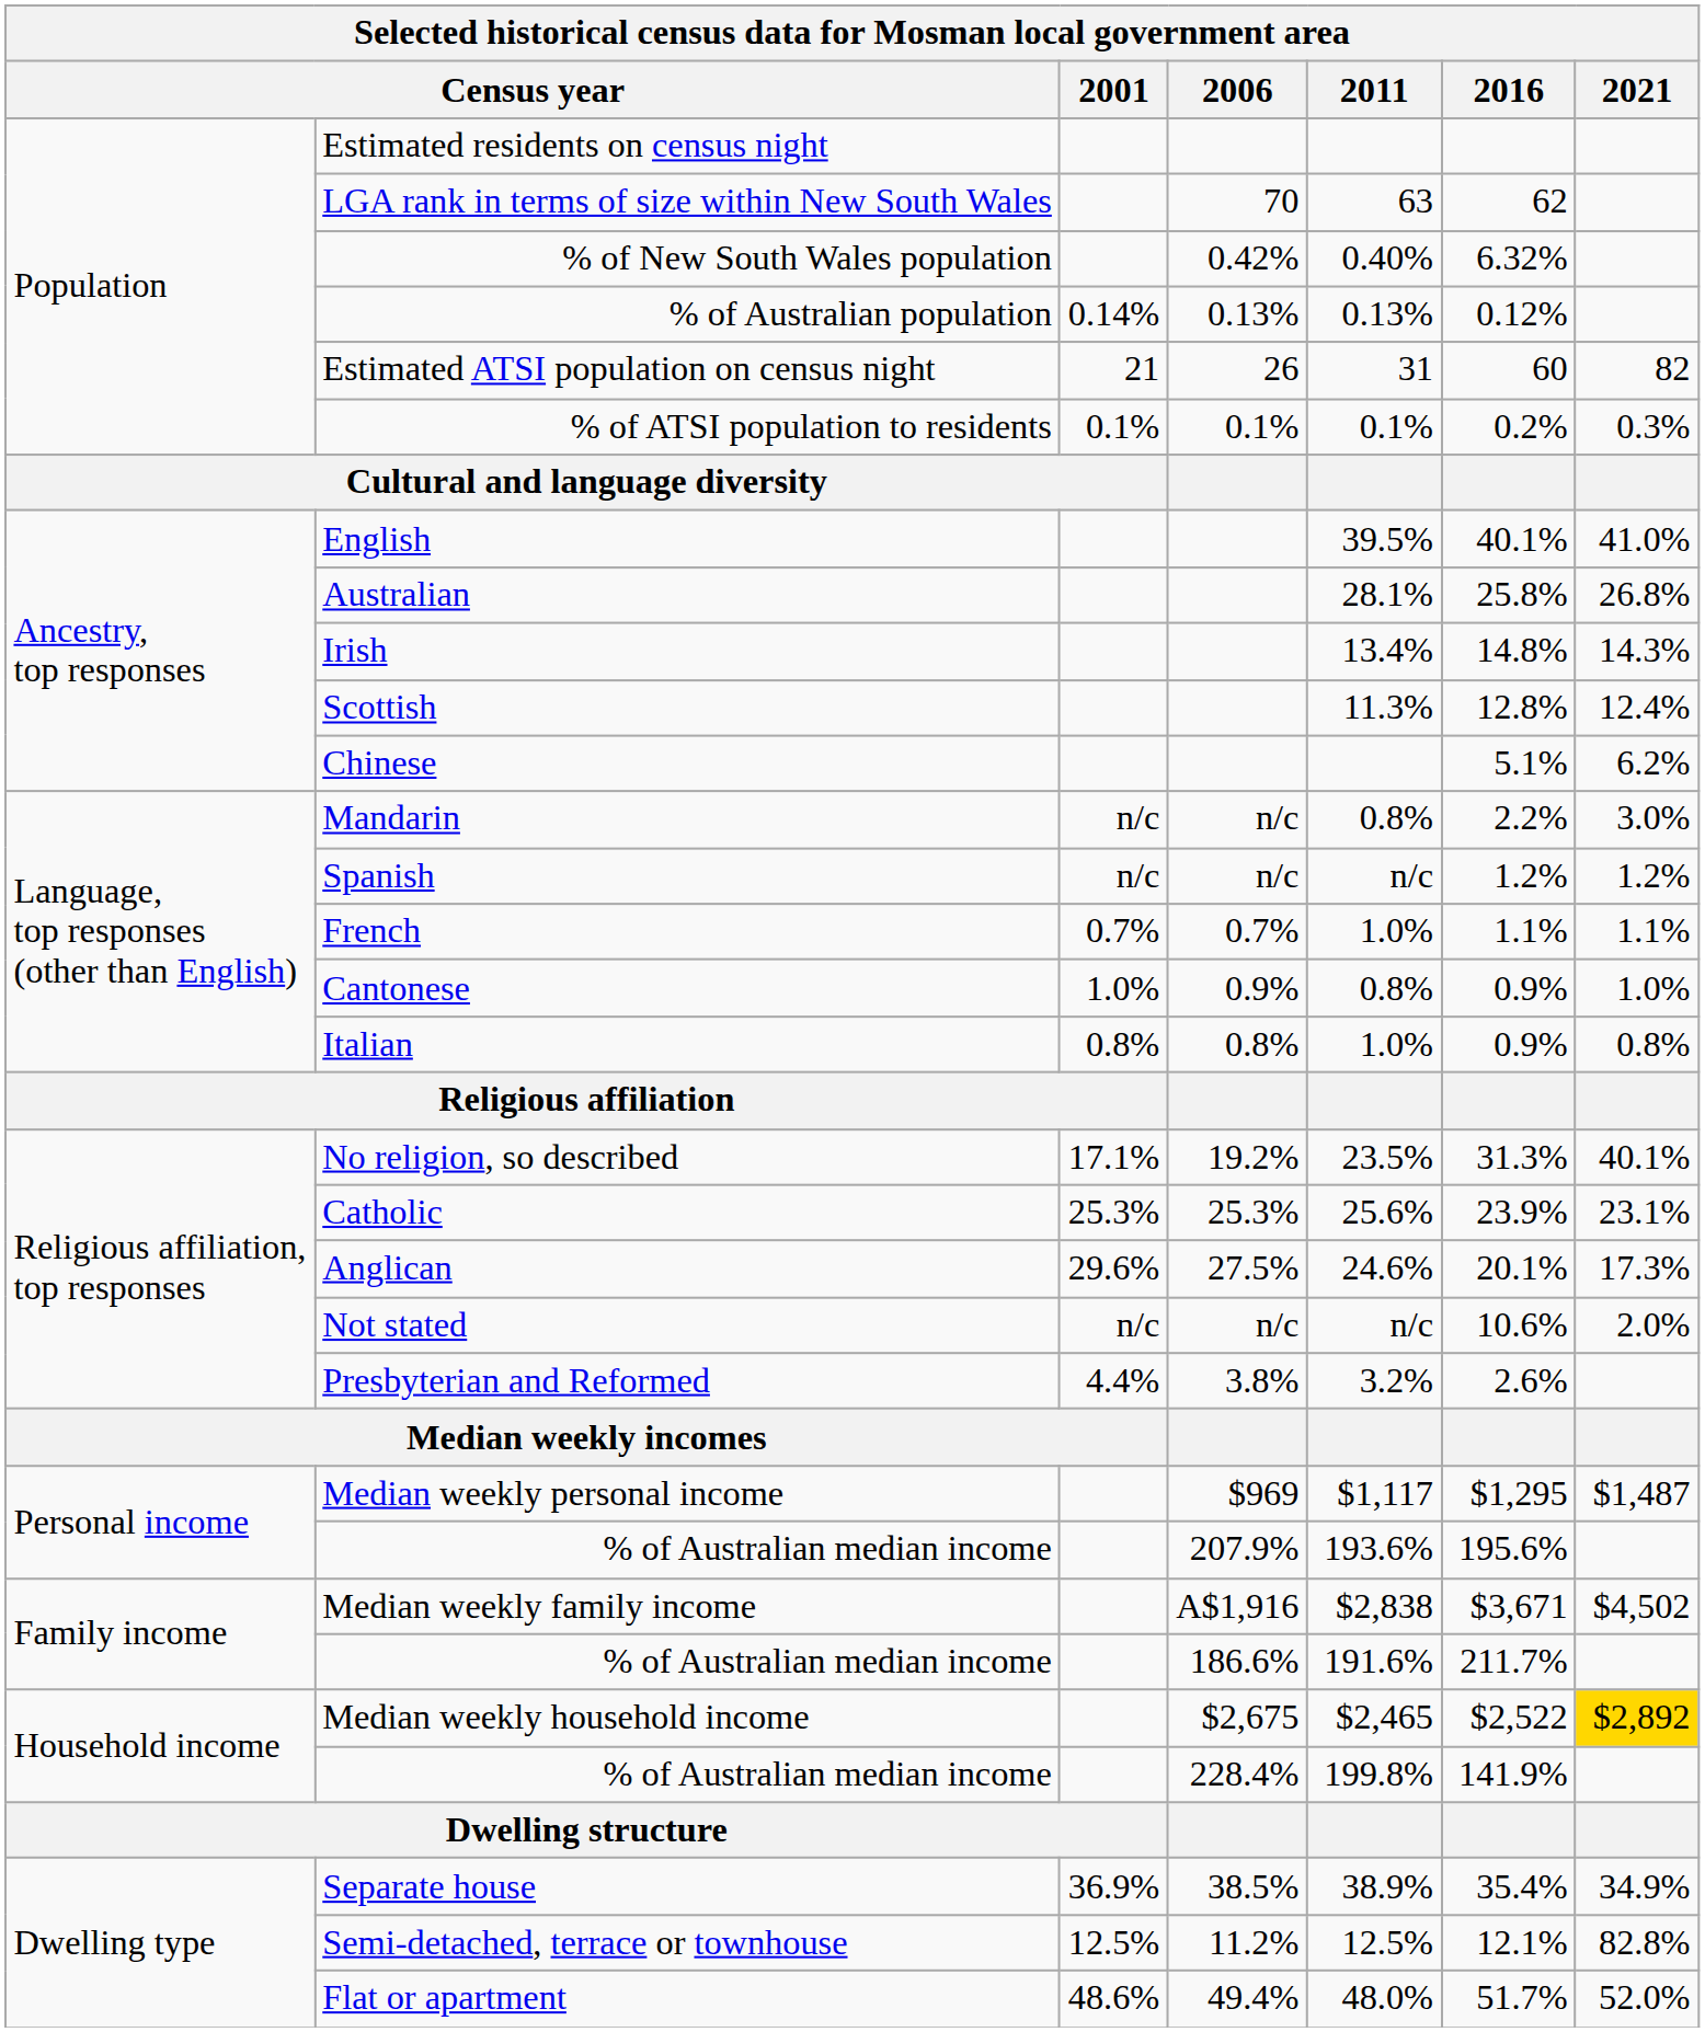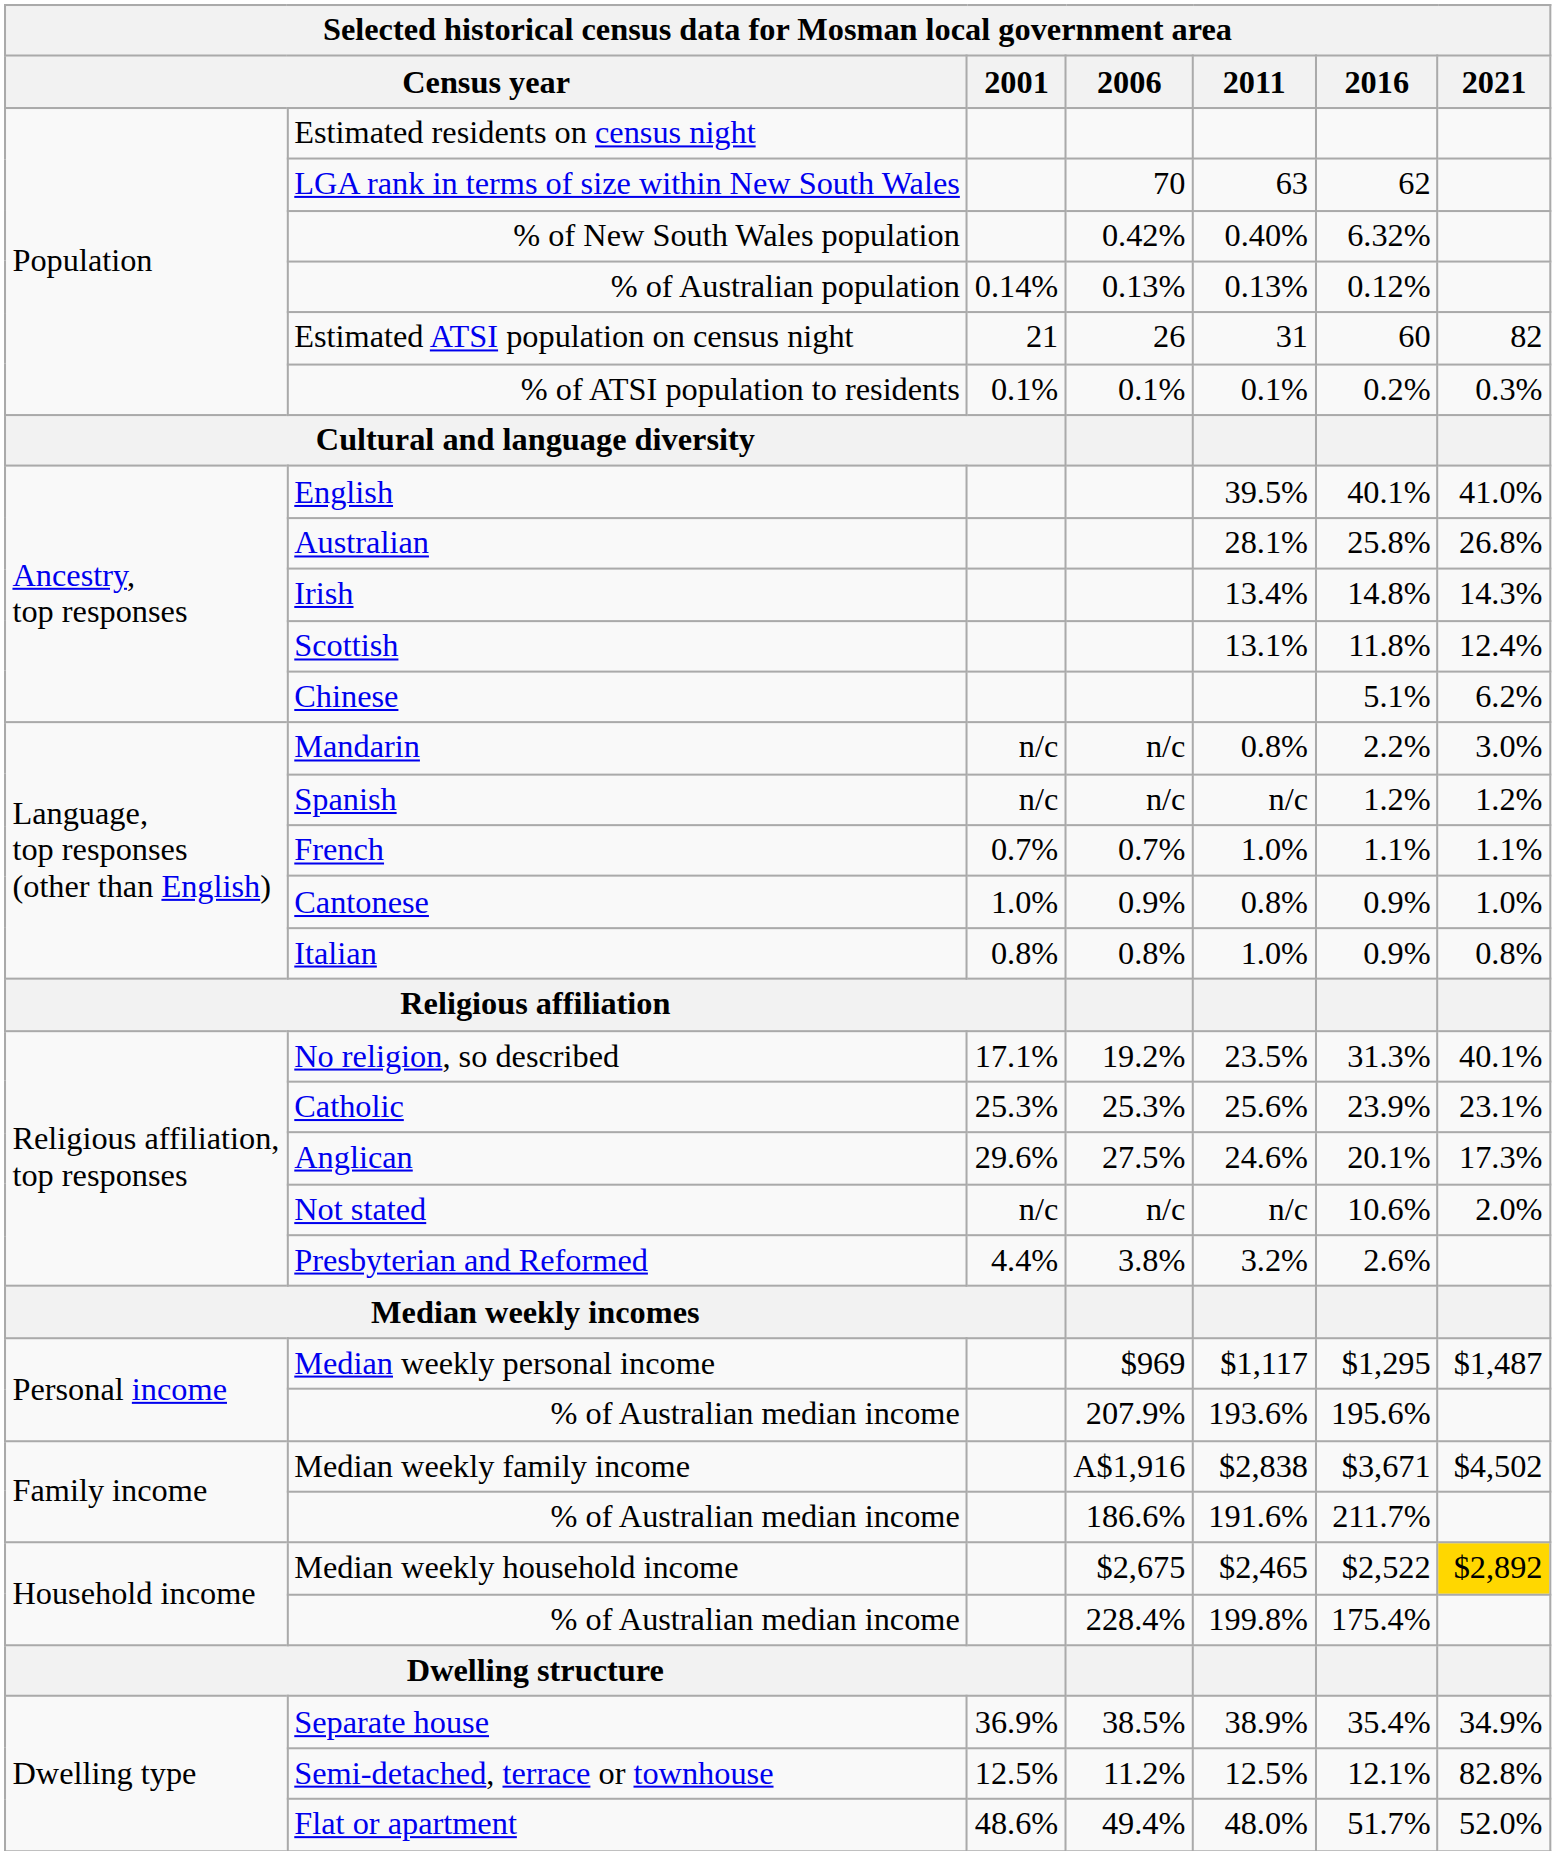 <table class="wikitable">
 <tr>
 <th colspan=8>Selected historical census data for Mosman local government area</th>
 </tr>
 <tr>
 <th colspan=3>Census year</th>
 <th>2001</th>
 <th>2006</th>
 <th>2011</th>
 <th>2016</th>
 <th>2021</th>
 </tr>
 <tr>
 <td rowspan=6 colspan="2">Population</td>
 <td>Estimated residents on <a href='#'>census night</a></td>
 <td align="right"></td>
 <td align="right"> </td>
 <td align="right"> </td>
 <td align="right"> </td>
 <td align="right"> </td>
 </tr>
 <tr>
 <td align="right"><a href='#'>LGA rank in terms of size within New South Wales</a></td>
 <td align="right"></td>
 <td align="right">70</td>
 <td align="right"> 63</td>
 <td align="right"> 62</td>
 <td align="right"></td>
 </tr>
 <tr>
 <td align="right">% of New South Wales population</td>
 <td align="right"></td>
 <td align="right">0.42%</td>
 <td align="right"> 0.40%</td>
 <td align="right"> 6.32%</td>
 <td align="right"></td>
 </tr>
 <tr>
 <td align="right">% of Australian population</td>
 <td align="right">0.14%</td>
 <td align="right"> 0.13%</td>
 <td align="right"> 0.13%</td>
 <td align="right"> 0.12%</td>
 <td align="right"></td>
 </tr>
 <tr>
 <td>Estimated <a href='#'>ATSI</a> population on census night</td>
 <td align="right">21</td>
 <td align="right"> 26</td>
 <td align="right"> 31</td>
 <td align="right"> 60</td>
 <td align="right"> 82</td>
 </tr>
 <tr>
 <td align="right">% of ATSI population to residents</td>
 <td align="right">0.1%</td>
 <td align="right"> 0.1%</td>
 <td align="right"> 0.1%</td>
 <td align="right"> 0.2%</td>
 <td align="right"> 0.3%</td>
 </tr>
 <tr>
 <th colspan=4>Cultural and language diversity</th>
 <th></th>
 <th></th>
 <th></th>
 <th></th>
 </tr>
 <tr>
 <td rowspan=5 colspan=2><a href='#'>Ancestry</a>,<br>top responses</td>
 <td><a href='#'>English</a></td>
 <td align="right"></td>
 <td align="right"></td>
 <td align="right">39.5%</td>
 <td align="right"> 40.1%</td>
 <td align="right"> 41.0%</td>
 </tr>
 <tr>
 <td><a href='#'>Australian</a></td>
 <td align="right"></td>
 <td align="right"></td>
 <td align="right">28.1%</td>
 <td align="right"> 25.8%</td>
 <td align="right"> 26.8%</td>
 </tr>
 <tr>
 <td><a href='#'>Irish</a></td>
 <td align="right"></td>
 <td align="right"></td>
 <td align="right">13.4%</td>
 <td align="right"> 14.8%</td>
 <td align="right"> 14.3%</td>
 </tr>
 <tr>
 <td><a href='#'>Scottish</a></td>
 <td align="right"></td>
 <td align="right"></td>
-<td align="right">11.3%</td>
-<td align="right"> 12.8%</td>
+<td align="right">13.1%</td>
+<td align="right"> 11.8%</td>
 <td align="right"> 12.4%</td>
 </tr>
 <tr>
 <td><a href='#'>Chinese</a></td>
 <td align="right"></td>
 <td align="right"></td>
 <td align="right"></td>
 <td align="right">5.1%</td>
 <td align="right"> 6.2%</td>
 </tr>
 <tr>
 <td rowspan=5 colspan=2>Language,<br>top responses<br>(other than <a href='#'>English</a>)</td>
 <td><a href='#'>Mandarin</a></td>
 <td align="right">n/c</td>
 <td align="right">n/c</td>
 <td align="right">0.8%</td>
 <td align="right"> 2.2%</td>
 <td align="right"> 3.0%</td>
 </tr>
 <tr>
 <td><a href='#'>Spanish</a></td>
 <td align="right">n/c</td>
 <td align="right">n/c</td>
 <td align="right">n/c</td>
 <td align="right">1.2%</td>
 <td align="right"> 1.2%</td>
 </tr>
 <tr>
 <td><a href='#'>French</a></td>
 <td align="right">0.7%</td>
 <td align="right"> 0.7%</td>
 <td align="right"> 1.0%</td>
 <td align="right"> 1.1%</td>
 <td align="right"> 1.1%</td>
 </tr>
 <tr>
 <td><a href='#'>Cantonese</a></td>
 <td align="right">1.0%</td>
 <td align="right"> 0.9%</td>
 <td align="right"> 0.8%</td>
 <td align="right"> 0.9%</td>
 <td align="right"> 1.0%</td>
 </tr>
 <tr>
 <td><a href='#'>Italian</a></td>
 <td align="right">0.8%</td>
 <td align="right"> 0.8%</td>
 <td align="right"> 1.0%</td>
 <td align="right"> 0.9%</td>
 <td align="right">0.8%</td>
 </tr>
 <tr>
 <th colspan=4>Religious affiliation</th>
 <th></th>
 <th></th>
 <th></th>
 <th></th>
 </tr>
 <tr>
 <td rowspan=5 colspan=2>Religious affiliation,<br>top responses</td>
 <td><a href='#'>No religion</a>, so described</td>
 <td align="right">17.1%</td>
 <td align="right"> 19.2%</td>
 <td align="right"> 23.5%</td>
 <td align="right"> 31.3%</td>
 <td align="right"> 40.1%</td>
 </tr>
 <tr>
 <td><a href='#'>Catholic</a></td>
 <td align="right">25.3%</td>
 <td align="right"> 25.3%</td>
 <td align="right"> 25.6%</td>
 <td align="right"> 23.9%</td>
 <td align="right"> 23.1%</td>
 </tr>
 <tr>
 <td><a href='#'>Anglican</a></td>
 <td align="right">29.6%</td>
 <td align="right"> 27.5%</td>
 <td align="right"> 24.6%</td>
 <td align="right"> 20.1%</td>
 <td align="right"> 17.3%</td>
 </tr>
 <tr>
 <td><a href='#'>Not stated</a></td>
 <td align="right">n/c</td>
 <td align="right">n/c</td>
 <td align="right">n/c</td>
 <td align="right">10.6%</td>
 <td align="right"> 2.0%</td>
 </tr>
 <tr>
 <td><a href='#'>Presbyterian and Reformed</a></td>
 <td align="right">4.4%</td>
 <td align="right"> 3.8%</td>
 <td align="right"> 3.2%</td>
 <td align="right"> 2.6%</td>
 <td></td>
 </tr>
 <tr>
 <th colspan=4>Median weekly incomes</th>
 <th></th>
 <th></th>
 <th></th>
 <th></th>
 </tr>
 <tr>
 <td rowspan=2 colspan=2>Personal <a href='#'>income</a></td>
 <td><a href='#'>Median</a> weekly personal income</td>
 <td align="right"></td>
 <td align="right">$969</td>
 <td align="right"> $1,117</td>
 <td align="right"> $1,295</td>
 <td align="right"> $1,487</td>
 </tr>
 <tr>
 <td align="right">% of Australian median income</td>
 <td align="right"></td>
 <td align="right">207.9%</td>
 <td align="right"> 193.6%</td>
 <td align="right"> 195.6%</td>
 <td align="right"></td>
 </tr>
 <tr>
 <td rowspan=2 colspan=2>Family income</td>
 <td>Median weekly family income</td>
 <td align="right"></td>
 <td align="right">A$1,916</td>
 <td align="right"> $2,838</td>
 <td align="right"> $3,671</td>
 <td align="right"> $4,502</td>
 </tr>
 <tr>
 <td align="right">% of Australian median income</td>
 <td align="right"></td>
 <td align="right">186.6%</td>
 <td align="right"> 191.6%</td>
 <td align="right"> 211.7%</td>
 <td align="right"></td>
 </tr>
 <tr>
 <td rowspan=2 colspan=2>Household income</td>
 <td>Median weekly household income</td>
 <td align="right"></td>
 <td align="right">$2,675</td>
 <td align="right"> $2,465</td>
 <td align="right"> $2,522</td>
 <td align="right" style="background: gold;"> $2,892</td>
 </tr>
 <tr>
 <td align="right">% of Australian median income</td>
 <td align="right"></td>
 <td align="right">228.4%</td>
 <td align="right"> 199.8%</td>
-<td align="right"> 141.9%</td>
+<td align="right"> 175.4%</td>
 <td align="right"></td>
 </tr>
 <tr>
 <th colspan=4>Dwelling structure</th>
 <th></th>
 <th></th>
 <th></th>
 <th></th>
 </tr>
 <tr>
 <td rowspan=4 colspan=2>Dwelling type</td>
 <td><a href='#'>Separate house</a></td>
 <td align="right">36.9%</td>
 <td align="right"> 38.5%</td>
 <td align="right"> 38.9%</td>
 <td align="right"> 35.4%</td>
 <td align="right"> 34.9%</td>
 </tr>
 <tr>
 <td><a href='#'>Semi-detached</a>, <a href='#'>terrace</a> or <a href='#'>townhouse</a></td>
 <td align="right">12.5%</td>
 <td align="right"> 11.2%</td>
 <td align="right"> 12.5%</td>
 <td align="right"> 12.1%</td>
 <td align="right"> 82.8%</td>
 </tr>
 <tr>
 <td><a href='#'>Flat or apartment</a></td>
 <td align="right">48.6%</td>
 <td align="right"> 49.4%</td>
 <td align="right"> 48.0%</td>
 <td align="right"> 51.7%</td>
 <td align="right"> 52.0%</td>
 </tr>
 </table>
